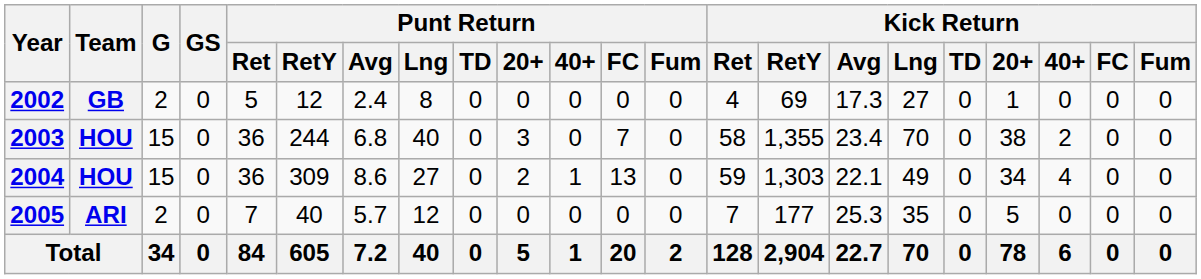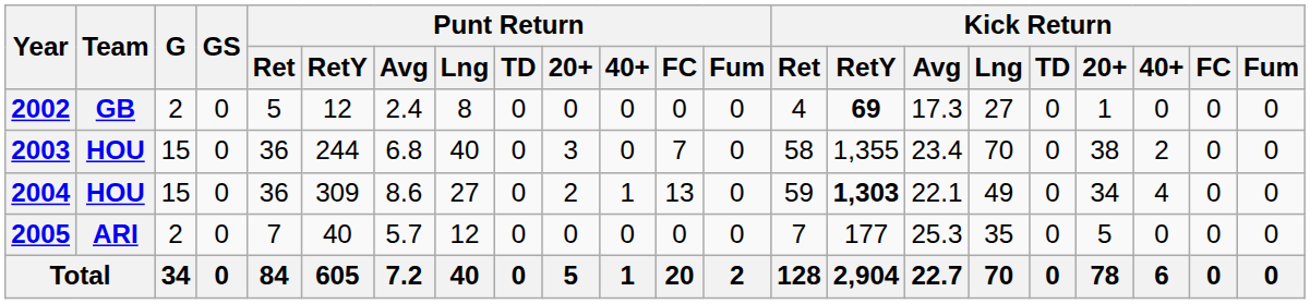 <table class="wikitable" style="text-align: center;">
 <tr>
 <th rowspan="2">Year</th>
 <th rowspan="2">Team</th>
 <th rowspan="2">G</th>
 <th rowspan="2">GS</th>
 <th colspan="9">Punt Return</th>
 <th colspan="9">Kick Return</th>
 </tr>
 <tr>
 <th>Ret</th>
 <th>RetY</th>
 <th>Avg</th>
 <th>Lng</th>
 <th>TD</th>
 <th>20+</th>
 <th>40+</th>
 <th>FC</th>
 <th>Fum</th>
 <th>Ret</th>
 <th>RetY</th>
 <th>Avg</th>
 <th>Lng</th>
 <th>TD</th>
 <th>20+</th>
 <th>40+</th>
 <th>FC</th>
 <th>Fum</th>
 </tr>
 <tr>
 <th><a href='#'>2002</a></th>
 <th><a href='#'>GB</a></th>
 <td>2</td>
 <td>0</td>
 <td>5</td>
 <td>12</td>
 <td>2.4</td>
 <td>8</td>
 <td>0</td>
 <td>0</td>
 <td>0</td>
 <td>0</td>
 <td>0</td>
 <td>4</td>
-<td>69</td>
+<td><strong>69</strong></td>
 <td>17.3</td>
 <td>27</td>
 <td>0</td>
 <td>1</td>
 <td>0</td>
 <td>0</td>
 <td>0</td>
 </tr>
 <tr>
 <th><a href='#'>2003</a></th>
 <th><a href='#'>HOU</a></th>
 <td>15</td>
 <td>0</td>
 <td>36</td>
 <td>244</td>
 <td>6.8</td>
 <td>40</td>
 <td>0</td>
 <td>3</td>
 <td>0</td>
 <td>7</td>
 <td>0</td>
 <td>58</td>
 <td>1,355</td>
 <td>23.4</td>
 <td>70</td>
 <td>0</td>
 <td>38</td>
 <td>2</td>
 <td>0</td>
 <td>0</td>
 </tr>
 <tr>
 <th><a href='#'>2004</a></th>
 <th><a href='#'>HOU</a></th>
 <td>15</td>
 <td>0</td>
 <td>36</td>
 <td>309</td>
 <td>8.6</td>
 <td>27</td>
 <td>0</td>
 <td>2</td>
 <td>1</td>
 <td>13</td>
 <td>0</td>
 <td>59</td>
-<td>1,303</td>
+<td><strong>1,303</strong></td>
 <td>22.1</td>
 <td>49</td>
 <td>0</td>
 <td>34</td>
 <td>4</td>
 <td>0</td>
 <td>0</td>
 </tr>
 <tr>
 <th><a href='#'>2005</a></th>
 <th><a href='#'>ARI</a></th>
 <td>2</td>
 <td>0</td>
 <td>7</td>
 <td>40</td>
 <td>5.7</td>
 <td>12</td>
 <td>0</td>
 <td>0</td>
 <td>0</td>
 <td>0</td>
 <td>0</td>
 <td>7</td>
 <td>177</td>
 <td>25.3</td>
 <td>35</td>
 <td>0</td>
 <td>5</td>
 <td>0</td>
 <td>0</td>
 <td>0</td>
 </tr>
 <tr>
 <th colspan="2">Total</th>
 <th>34</th>
 <th>0</th>
 <th>84</th>
 <th>605</th>
 <th>7.2</th>
 <th>40</th>
 <th>0</th>
 <th>5</th>
 <th>1</th>
 <th>20</th>
 <th>2</th>
 <th>128</th>
 <th>2,904</th>
 <th>22.7</th>
 <th>70</th>
 <th>0</th>
 <th>78</th>
 <th>6</th>
 <th>0</th>
 <th>0</th>
 </tr>
 </table>
